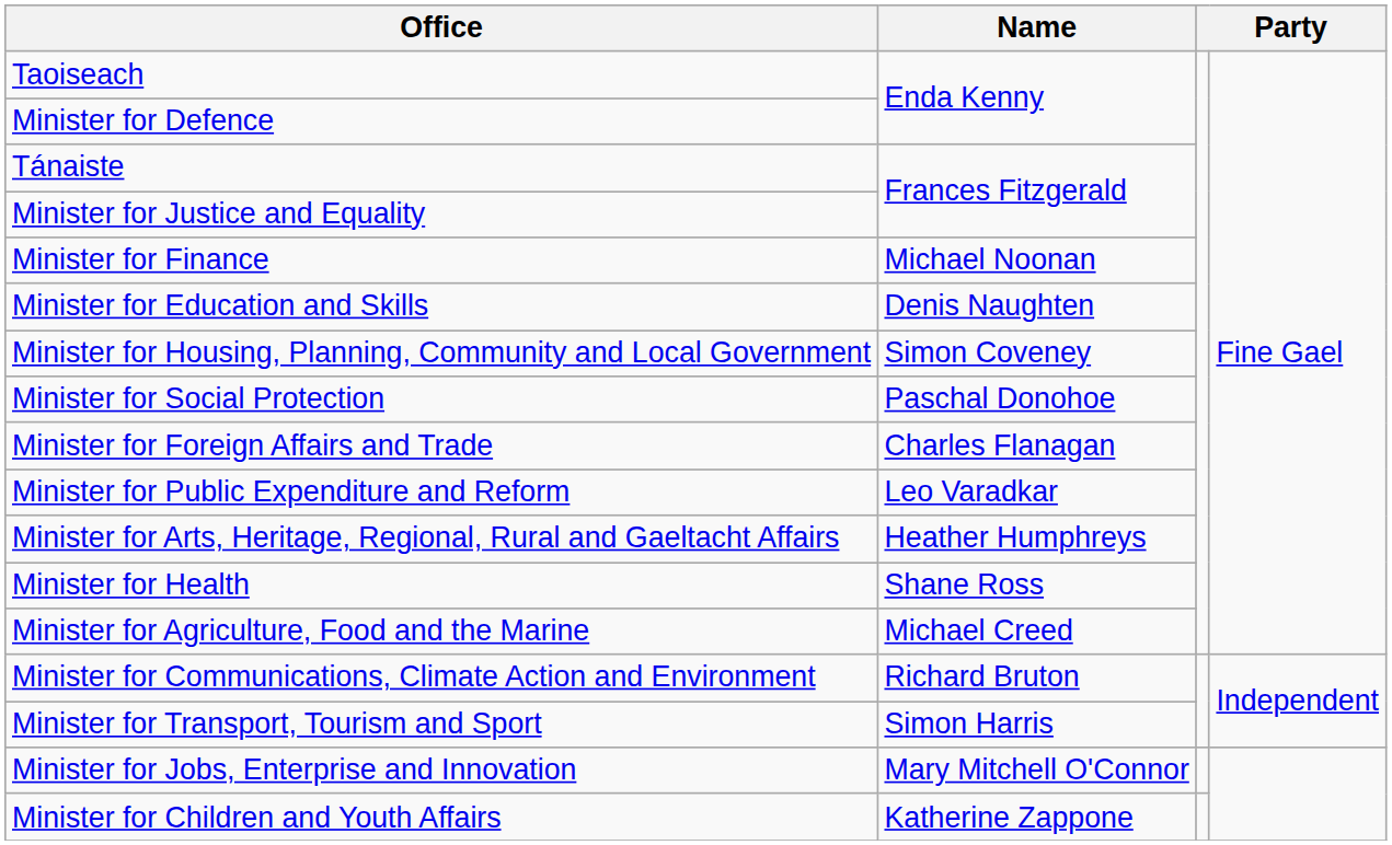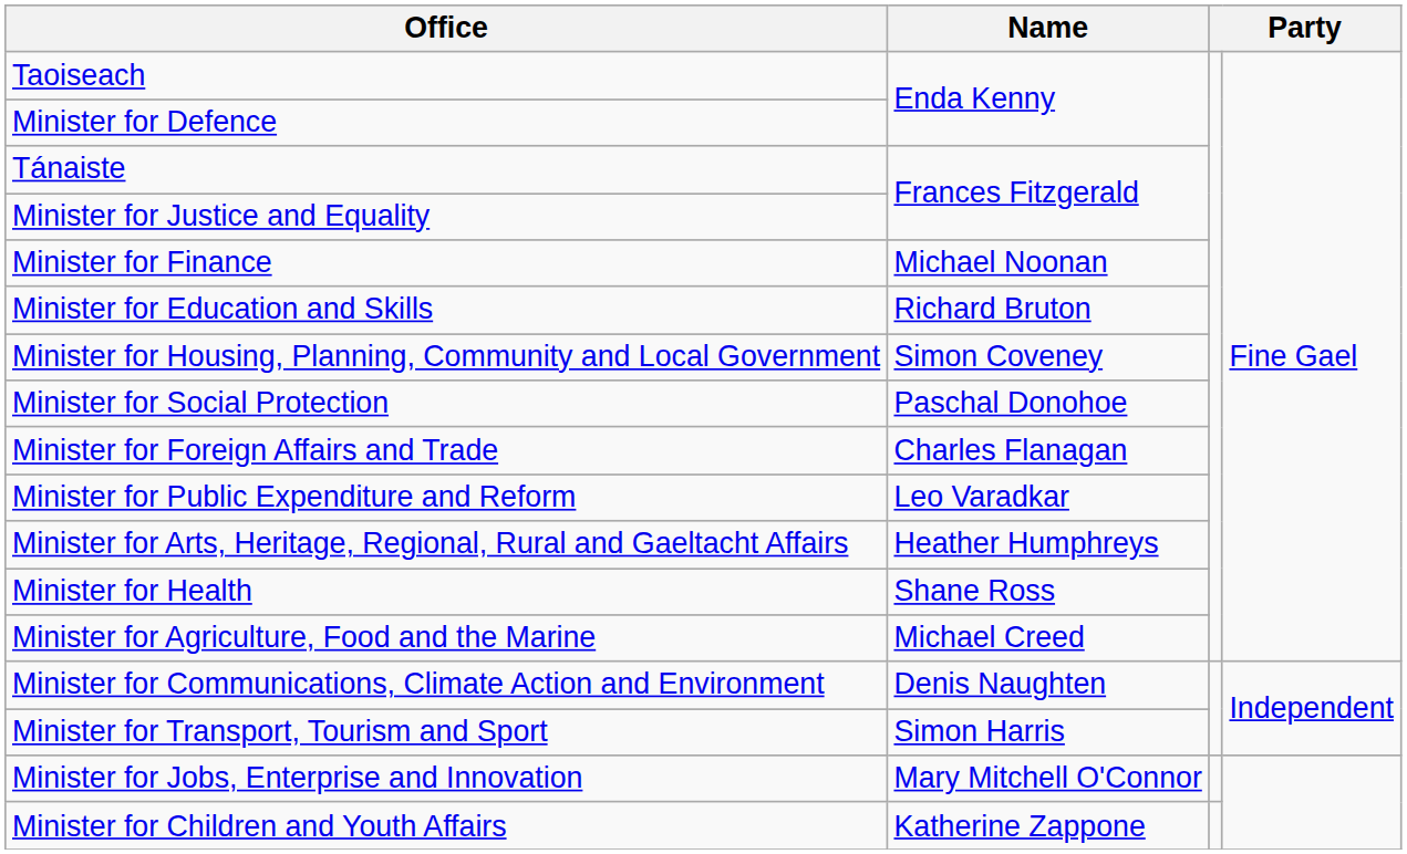 <table class="wikitable">
 <tr>
 <th>Office</th>
 <th>Name</th>
 <th colspan="2">Party</th>
 </tr>
 <tr>
 <td><a href='#'>Taoiseach</a></td>
 <td rowspan="2"><a href='#'>Enda Kenny</a></td>
 <td rowspan="13" style="background-color: "></td>
 <td rowspan="13"><a href='#'>Fine Gael</a></td>
 </tr>
 <tr>
 <td><a href='#'>Minister for Defence</a></td>
 </tr>
 <tr>
 <td><a href='#'>Tánaiste</a></td>
 <td rowspan="2"><a href='#'>Frances Fitzgerald</a></td>
 </tr>
 <tr>
 <td><a href='#'>Minister for Justice and Equality</a></td>
 </tr>
 <tr>
 <td><a href='#'>Minister for Finance</a></td>
 <td><a href='#'>Michael Noonan</a></td>
 </tr>
 <tr>
 <td><a href='#'>Minister for Education and Skills</a></td>
-<td><a href='#'>Denis Naughten</a></td>
+<td><a href='#'>Richard Bruton</a></td>
 </tr>
 <tr>
 <td><a href='#'>Minister for Housing, Planning, Community and Local Government</a></td>
 <td><a href='#'>Simon Coveney</a></td>
 </tr>
 <tr>
 <td><a href='#'>Minister for Social Protection</a></td>
 <td><a href='#'>Paschal Donohoe</a></td>
 </tr>
 <tr>
 <td><a href='#'>Minister for Foreign Affairs and Trade</a></td>
 <td><a href='#'>Charles Flanagan</a></td>
 </tr>
 <tr>
 <td><a href='#'>Minister for Public Expenditure and Reform</a></td>
 <td><a href='#'>Leo Varadkar</a></td>
 </tr>
 <tr>
 <td><a href='#'>Minister for Arts, Heritage, Regional, Rural and Gaeltacht Affairs</a></td>
 <td><a href='#'>Heather Humphreys</a></td>
 </tr>
 <tr>
 <td><a href='#'>Minister for Health</a></td>
 <td><a href='#'>Shane Ross</a></td>
 </tr>
 <tr>
 <td><a href='#'>Minister for Agriculture, Food and the Marine</a></td>
 <td><a href='#'>Michael Creed</a></td>
 </tr>
 <tr>
 <td><a href='#'>Minister for Communications, Climate Action and Environment</a></td>
-<td><a href='#'>Richard Bruton</a></td>
+<td><a href='#'>Denis Naughten</a></td>
 <td rowspan="2" style="background-color: "></td>
 <td rowspan="2"><a href='#'>Independent</a></td>
 </tr>
 <tr>
 <td><a href='#'>Minister for Transport, Tourism and Sport</a></td>
 <td><a href='#'>Simon Harris</a></td>
 </tr>
 <tr>
 <td><a href='#'>Minister for Jobs, Enterprise and Innovation</a></td>
 <td><a href='#'>Mary Mitchell O'Connor</a></td>
 <td></td>
 </tr>
 <tr>
 <td><a href='#'>Minister for Children and Youth Affairs</a></td>
 <td><a href='#'>Katherine Zappone</a></td>
 <td></td>
 </tr>
 </table>
